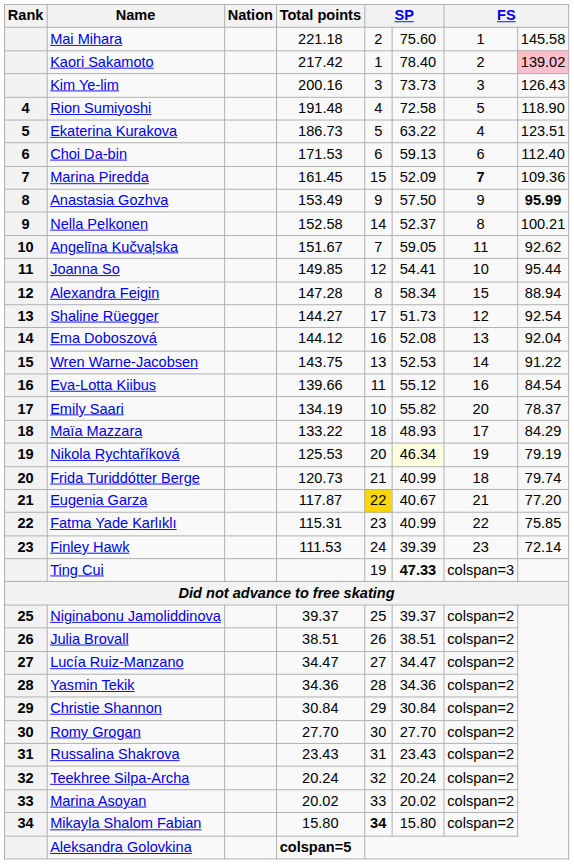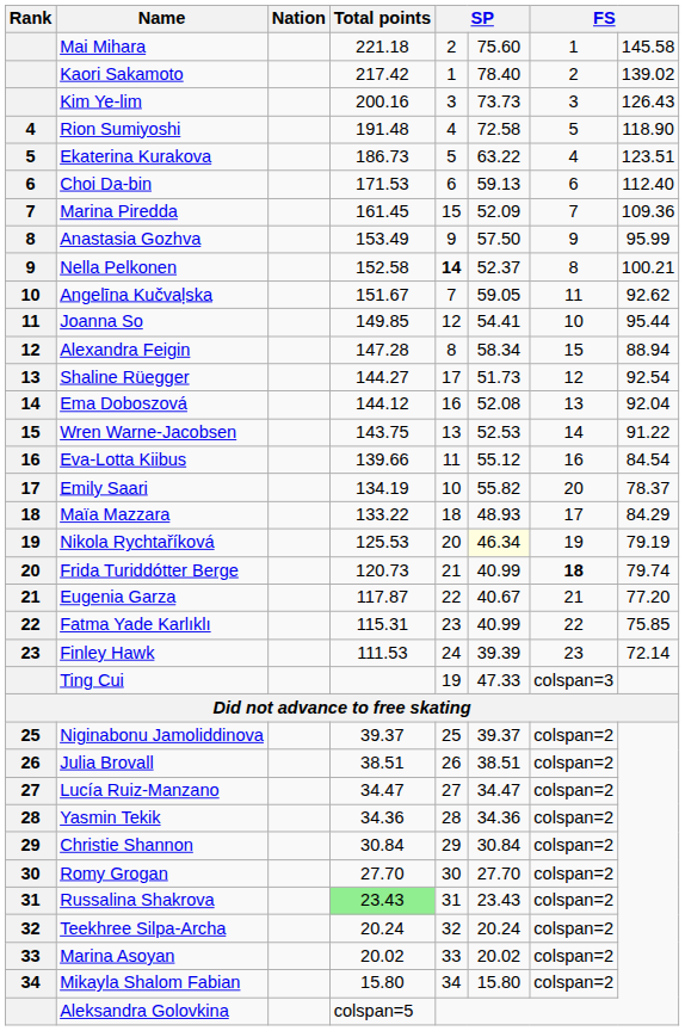 <table class="wikitable sortable">
 <tr>
 <th>Rank</th>
 <th>Name</th>
 <th>Nation</th>
 <th>Total points</th>
 <th colspan="2" width="80px"><a href='#'>SP</a></th>
 <th colspan="2" width="80px"><a href='#'>FS</a></th>
 </tr>
 <tr>
 <th align="center"></th>
 <td><a href='#'>Mai Mihara</a></td>
 <td></td>
 <td align="center">221.18</td>
 <td align="center">2</td>
 <td align="center">75.60</td>
 <td align="center">1</td>
 <td align="center">145.58</td>
 </tr>
 <tr>
 <th align="center"></th>
 <td><a href='#'>Kaori Sakamoto</a></td>
 <td></td>
 <td align="center">217.42</td>
 <td align="center">1</td>
 <td align="center">78.40</td>
 <td align="center">2</td>
-<td align="center" style="background: pink;">139.02</td>
+<td align="center">139.02</td>
 </tr>
 <tr>
 <th align="center"></th>
 <td><a href='#'>Kim Ye-lim</a></td>
 <td></td>
 <td align="center">200.16</td>
 <td align="center">3</td>
 <td align="center">73.73</td>
 <td align="center">3</td>
 <td align="center">126.43</td>
 </tr>
 <tr>
 <th>4</th>
 <td><a href='#'>Rion Sumiyoshi</a></td>
 <td></td>
 <td align="center">191.48</td>
 <td align="center">4</td>
 <td align="center">72.58</td>
 <td align="center">5</td>
 <td align="center">118.90</td>
 </tr>
 <tr>
 <th>5</th>
 <td><a href='#'>Ekaterina Kurakova</a></td>
 <td></td>
 <td align="center">186.73</td>
 <td align="center">5</td>
 <td align="center">63.22</td>
 <td align="center">4</td>
 <td align="center">123.51</td>
 </tr>
 <tr>
 <th>6</th>
 <td><a href='#'>Choi Da-bin</a></td>
 <td></td>
 <td align="center">171.53</td>
 <td align="center">6</td>
 <td align="center">59.13</td>
 <td align="center">6</td>
 <td align="center">112.40</td>
 </tr>
 <tr>
 <th>7</th>
 <td><a href='#'>Marina Piredda</a></td>
 <td></td>
 <td align="center">161.45</td>
 <td align="center">15</td>
 <td align="center">52.09</td>
-<td align="center"><strong>7</strong></td>
+<td align="center">7</td>
 <td align="center">109.36</td>
 </tr>
 <tr>
 <th>8</th>
 <td><a href='#'>Anastasia Gozhva</a></td>
 <td></td>
 <td align="center">153.49</td>
 <td align="center">9</td>
 <td align="center">57.50</td>
 <td align="center">9</td>
-<td align="center"><strong>95.99</strong></td>
+<td align="center">95.99</td>
 </tr>
 <tr>
 <th>9</th>
 <td><a href='#'>Nella Pelkonen</a></td>
 <td></td>
 <td align="center">152.58</td>
-<td align="center">14</td>
+<td align="center"><strong>14</strong></td>
 <td align="center">52.37</td>
 <td align="center">8</td>
 <td align="center">100.21</td>
 </tr>
 <tr>
 <th>10</th>
 <td><a href='#'>Angelīna Kučvaļska</a></td>
 <td></td>
 <td align="center">151.67</td>
 <td align="center">7</td>
 <td align="center">59.05</td>
 <td align="center">11</td>
 <td align="center">92.62</td>
 </tr>
 <tr>
 <th>11</th>
 <td><a href='#'>Joanna So</a></td>
 <td></td>
 <td align="center">149.85</td>
 <td align="center">12</td>
 <td align="center">54.41</td>
 <td align="center">10</td>
 <td align="center">95.44</td>
 </tr>
 <tr>
 <th>12</th>
 <td><a href='#'>Alexandra Feigin</a></td>
 <td></td>
 <td align="center">147.28</td>
 <td align="center">8</td>
 <td align="center">58.34</td>
 <td align="center">15</td>
 <td align="center">88.94</td>
 </tr>
 <tr>
 <th>13</th>
 <td><a href='#'>Shaline Rüegger</a></td>
 <td></td>
 <td align="center">144.27</td>
 <td align="center">17</td>
 <td align="center">51.73</td>
 <td align="center">12</td>
 <td align="center">92.54</td>
 </tr>
 <tr>
 <th>14</th>
 <td><a href='#'>Ema Doboszová</a></td>
 <td></td>
 <td align="center">144.12</td>
 <td align="center">16</td>
 <td align="center">52.08</td>
 <td align="center">13</td>
 <td align="center">92.04</td>
 </tr>
 <tr>
 <th>15</th>
 <td><a href='#'>Wren Warne-Jacobsen</a></td>
 <td></td>
 <td align="center">143.75</td>
 <td align="center">13</td>
 <td align="center">52.53</td>
 <td align="center">14</td>
 <td align="center">91.22</td>
 </tr>
 <tr>
 <th>16</th>
 <td><a href='#'>Eva-Lotta Kiibus</a></td>
 <td></td>
 <td align="center">139.66</td>
 <td align="center">11</td>
 <td align="center">55.12</td>
 <td align="center">16</td>
 <td align="center">84.54</td>
 </tr>
 <tr>
 <th>17</th>
 <td><a href='#'>Emily Saari</a></td>
 <td></td>
 <td align="center">134.19</td>
 <td align="center">10</td>
 <td align="center">55.82</td>
 <td align="center">20</td>
 <td align="center">78.37</td>
 </tr>
 <tr>
 <th>18</th>
 <td><a href='#'>Maïa Mazzara</a></td>
 <td></td>
 <td align="center">133.22</td>
 <td align="center">18</td>
 <td align="center">48.93</td>
 <td align="center">17</td>
 <td align="center">84.29</td>
 </tr>
 <tr>
 <th>19</th>
 <td><a href='#'>Nikola Rychtaříková</a></td>
 <td></td>
 <td align="center">125.53</td>
 <td align="center">20</td>
 <td align="center" style="background: lightyellow;">46.34</td>
 <td align="center">19</td>
 <td align="center">79.19</td>
 </tr>
 <tr>
 <th>20</th>
 <td><a href='#'>Frida Turiddótter Berge</a></td>
 <td></td>
 <td align="center">120.73</td>
 <td align="center">21</td>
 <td align="center">40.99</td>
-<td align="center">18</td>
+<td align="center"><strong>18</strong></td>
 <td align="center">79.74</td>
 </tr>
 <tr>
 <th>21</th>
 <td><a href='#'>Eugenia Garza</a></td>
 <td></td>
 <td align="center">117.87</td>
-<td align="center" style="background: gold;">22</td>
+<td align="center">22</td>
 <td align="center">40.67</td>
 <td align="center">21</td>
 <td align="center">77.20</td>
 </tr>
 <tr>
 <th>22</th>
 <td><a href='#'>Fatma Yade Karlıklı</a></td>
 <td></td>
 <td align="center">115.31</td>
 <td align="center">23</td>
 <td align="center">40.99</td>
 <td align="center">22</td>
 <td align="center">75.85</td>
 </tr>
 <tr>
 <th>23</th>
 <td><a href='#'>Finley Hawk</a></td>
 <td></td>
 <td align="center">111.53</td>
 <td align="center">24</td>
 <td align="center">39.39</td>
 <td align="center">23</td>
 <td align="center">72.14</td>
 </tr>
 <tr>
 <th></th>
 <td><a href='#'>Ting Cui</a></td>
 <td></td>
 <td></td>
 <td align="center">19</td>
-<td align="center"><strong>47.33</strong></td>
+<td align="center">47.33</td>
 <td>colspan=3 </td>
 </tr>
 <tr>
 <th colspan=8><em>Did not advance to free skating</em></th>
 </tr>
 <tr>
 <th>25</th>
 <td><a href='#'>Niginabonu Jamoliddinova</a></td>
 <td></td>
 <td align="center">39.37</td>
 <td align="center">25</td>
 <td align="center">39.37</td>
 <td>colspan=2 </td>
 </tr>
 <tr>
 <th>26</th>
 <td><a href='#'>Julia Brovall</a></td>
 <td></td>
 <td align="center">38.51</td>
 <td align="center">26</td>
 <td align="center">38.51</td>
 <td>colspan=2 </td>
 </tr>
 <tr>
 <th>27</th>
 <td><a href='#'>Lucía Ruiz-Manzano</a></td>
 <td></td>
 <td align="center">34.47</td>
 <td align="center">27</td>
 <td align="center">34.47</td>
 <td>colspan=2 </td>
 </tr>
 <tr>
 <th>28</th>
 <td><a href='#'>Yasmin Tekik</a></td>
 <td></td>
 <td align="center">34.36</td>
 <td align="center">28</td>
 <td align="center">34.36</td>
 <td>colspan=2 </td>
 </tr>
 <tr>
 <th>29</th>
 <td><a href='#'>Christie Shannon</a></td>
 <td></td>
 <td align="center">30.84</td>
 <td align="center">29</td>
 <td align="center">30.84</td>
 <td>colspan=2 </td>
 </tr>
 <tr>
 <th>30</th>
 <td><a href='#'>Romy Grogan</a></td>
 <td></td>
 <td align="center">27.70</td>
 <td align="center">30</td>
 <td align="center">27.70</td>
 <td>colspan=2 </td>
 </tr>
 <tr>
 <th>31</th>
 <td><a href='#'>Russalina Shakrova</a></td>
 <td></td>
-<td align="center">23.43</td>
+<td align="center" style="background: lightgreen;">23.43</td>
 <td align="center">31</td>
 <td align="center">23.43</td>
 <td>colspan=2 </td>
 </tr>
 <tr>
 <th>32</th>
 <td><a href='#'>Teekhree Silpa-Archa</a></td>
 <td></td>
 <td align="center">20.24</td>
 <td align="center">32</td>
 <td align="center">20.24</td>
 <td>colspan=2 </td>
 </tr>
 <tr>
 <th>33</th>
 <td><a href='#'>Marina Asoyan</a></td>
 <td></td>
 <td align="center">20.02</td>
 <td align="center">33</td>
 <td align="center">20.02</td>
 <td>colspan=2 </td>
 </tr>
 <tr>
 <th>34</th>
 <td><a href='#'>Mikayla Shalom Fabian</a></td>
 <td></td>
 <td align="center">15.80</td>
-<td align="center"><strong>34</strong></td>
+<td align="center">34</td>
 <td align="center">15.80</td>
 <td>colspan=2 </td>
 </tr>
 <tr>
 <th></th>
 <td><a href='#'>Aleksandra Golovkina</a></td>
 <td></td>
-<td><strong>colspan=5 </strong></td>
+<td>colspan=5 </td>
 </tr>
 </table>
